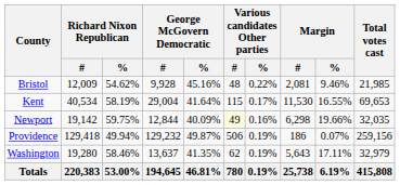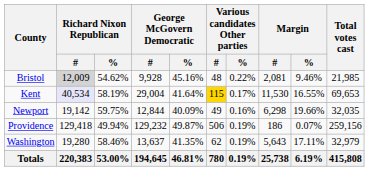 <table width="60%"  class="wikitable sortable" style="text-align:center">
 <tr>
 <th style="text-align:center;" rowspan="2">County</th>
 <th style="text-align:center;" colspan="2">Richard Nixon<br>Republican</th>
 <th style="text-align:center;" colspan="2">George McGovern<br>Democratic</th>
 <th style="text-align:center;" colspan="2">Various candidates<br>Other parties</th>
 <th style="text-align:center;" colspan="2">Margin</th>
 <th style="text-align:center;" rowspan="2">Total votes cast</th>
 </tr>
 <tr>
 <th style="text-align:center;" data-sort-type="number">#</th>
 <th style="text-align:center;" data-sort-type="number">%</th>
 <th style="text-align:center;" data-sort-type="number">#</th>
 <th style="text-align:center;" data-sort-type="number">%</th>
 <th style="text-align:center;" data-sort-type="number">#</th>
 <th style="text-align:center;" data-sort-type="number">%</th>
 <th style="text-align:center;" data-sort-type="number">#</th>
 <th style="text-align:center;" data-sort-type="number">%</th>
 </tr>
 <tr style="text-align:center;">
 <td><a href='#'>Bristol</a></td>
-<td>12,009</td>
+<td style="background: lightgrey;">12,009</td>
 <td>54.62%</td>
 <td>9,928</td>
 <td>45.16%</td>
 <td>48</td>
 <td>0.22%</td>
 <td>2,081</td>
 <td>9.46%</td>
 <td>21,985</td>
 </tr>
 <tr style="text-align:center;">
 <td><a href='#'>Kent</a></td>
-<td>40,534</td>
+<td style="background: lavender;">40,534</td>
 <td>58.19%</td>
 <td>29,004</td>
 <td>41.64%</td>
-<td>115</td>
+<td style="background: gold;">115</td>
 <td>0.17%</td>
 <td>11,530</td>
 <td>16.55%</td>
 <td>69,653</td>
 </tr>
 <tr style="text-align:center;">
 <td><a href='#'>Newport</a></td>
 <td>19,142</td>
 <td>59.75%</td>
 <td>12,844</td>
 <td>40.09%</td>
-<td style="background: lightyellow;">49</td>
+<td>49</td>
 <td>0.16%</td>
 <td>6,298</td>
 <td>19.66%</td>
 <td>32,035</td>
 </tr>
 <tr style="text-align:center;">
 <td><a href='#'>Providence</a></td>
 <td>129,418</td>
 <td>49.94%</td>
 <td>129,232</td>
 <td>49.87%</td>
 <td>506</td>
 <td>0.19%</td>
 <td>186</td>
 <td>0.07%</td>
 <td>259,156</td>
 </tr>
 <tr style="text-align:center;">
 <td><a href='#'>Washington</a></td>
 <td>19,280</td>
 <td>58.46%</td>
 <td>13,637</td>
 <td>41.35%</td>
 <td>62</td>
 <td>0.19%</td>
 <td>5,643</td>
 <td>17.11%</td>
 <td>32,979</td>
 </tr>
 <tr>
 <th>Totals</th>
 <th>220,383</th>
 <th>53.00%</th>
 <th>194,645</th>
 <th>46.81%</th>
 <th>780</th>
 <th>0.19%</th>
 <th>25,738</th>
 <th>6.19%</th>
 <th>415,808</th>
 </tr>
 </table>
